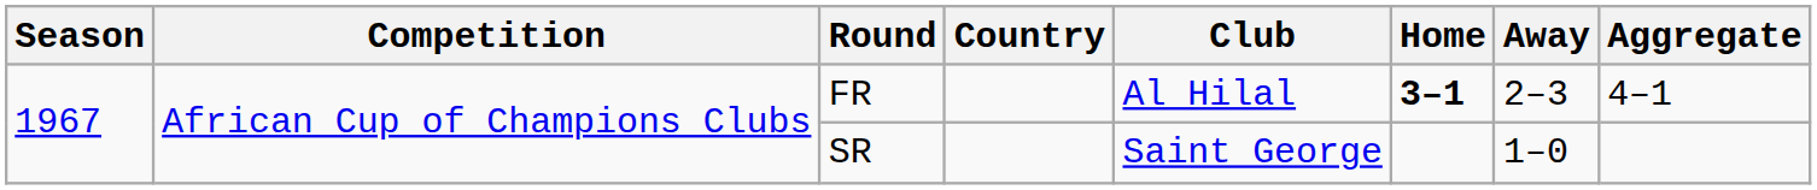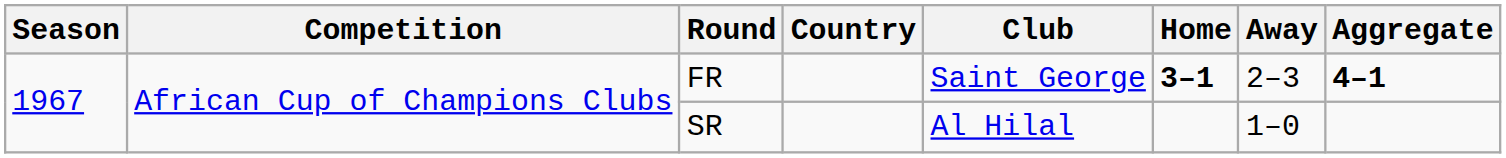 <table class=wikitable>
 <tr>
 <th>Season</th>
 <th>Competition</th>
 <th>Round</th>
 <th>Country</th>
 <th>Club</th>
 <th>Home</th>
 <th>Away</th>
 <th>Aggregate</th>
 </tr>
 <tr>
 <td rowspan=2><a href='#'>1967</a></td>
 <td rowspan=2><a href='#'>African Cup of Champions Clubs</a></td>
 <td>FR</td>
 <td></td>
-<td><a href='#'>Al Hilal</a></td>
+<td><a href='#'>Saint George</a></td>
 <td><strong>3–1</strong></td>
 <td>2–3</td>
-<td>4–1</td>
+<td><strong>4–1</strong></td>
 </tr>
 <tr>
 <td>SR</td>
 <td></td>
-<td><a href='#'>Saint George</a></td>
+<td><a href='#'>Al Hilal</a></td>
 <td></td>
 <td>1–0</td>
 <td></td>
 </tr>
 </table>
